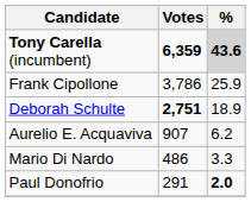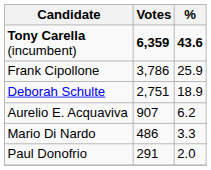 <table class="wikitable">
 <tr>
 <th bgcolor="#DDDDFF" width="150px">Candidate</th>
 <th bgcolor="#DDDDFF">Votes</th>
 <th bgcolor="#DDDDFF">%</th>
 </tr>
 <tr>
 <td><strong>Tony Carella</strong> (incumbent)</td>
 <td><strong>6,359</strong></td>
-<td style="background: lightgrey;"><strong>43.6</strong></td>
+<td><strong>43.6</strong></td>
 </tr>
 <tr>
 <td>Frank Cipollone</td>
 <td>3,786</td>
 <td>25.9</td>
 </tr>
 <tr>
 <td><a href='#'>Deborah Schulte</a></td>
-<td><strong>2,751</strong></td>
+<td>2,751</td>
 <td>18.9</td>
 </tr>
 <tr>
 <td>Aurelio E. Acquaviva</td>
 <td>907</td>
 <td>6.2</td>
 </tr>
 <tr>
 <td>Mario Di Nardo</td>
 <td>486</td>
 <td>3.3</td>
 </tr>
 <tr>
 <td>Paul Donofrio</td>
 <td>291</td>
-<td><strong>2.0</strong></td>
+<td>2.0</td>
 </tr>
 <tr>
 </tr>
 </table>
